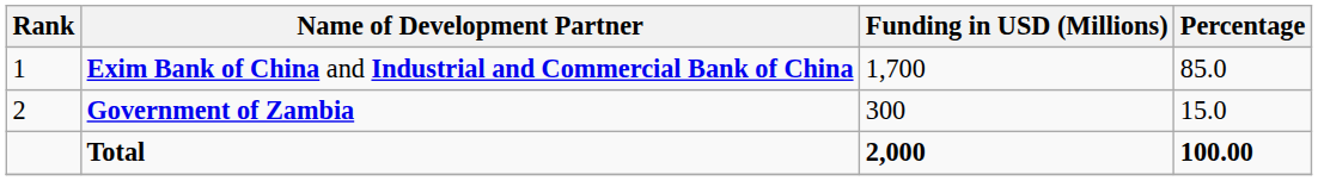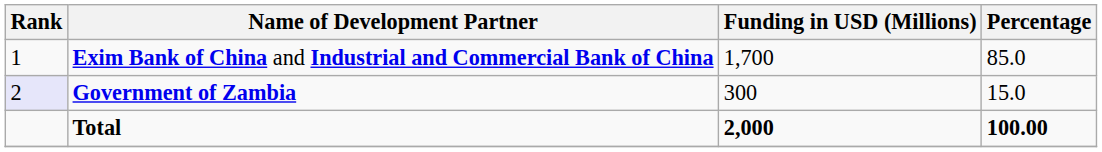 <table class="wikitable sortable" style="margin: 0.5em auto">
 <tr>
 <th>Rank</th>
 <th>Name of Development Partner</th>
 <th>Funding in USD (Millions)</th>
 <th>Percentage</th>
 </tr>
 <tr>
 <td>1</td>
 <td><strong><a href='#'>Exim Bank of China</a></strong> and <strong><a href='#'>Industrial and Commercial Bank of China</a></strong></td>
 <td>1,700</td>
 <td>85.0</td>
 </tr>
 <tr>
-<td>2</td>
+<td style="background: lavender;">2</td>
 <td><strong><a href='#'>Government of Zambia</a></strong></td>
 <td>300</td>
 <td>15.0</td>
 </tr>
 <tr>
 <td></td>
 <td><strong>Total</strong></td>
 <td><strong>2,000</strong></td>
 <td><strong>100.00</strong></td>
 </tr>
 <tr>
 </tr>
 </table>
